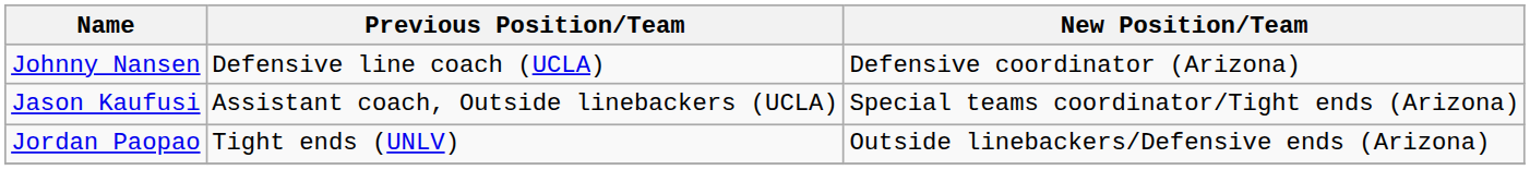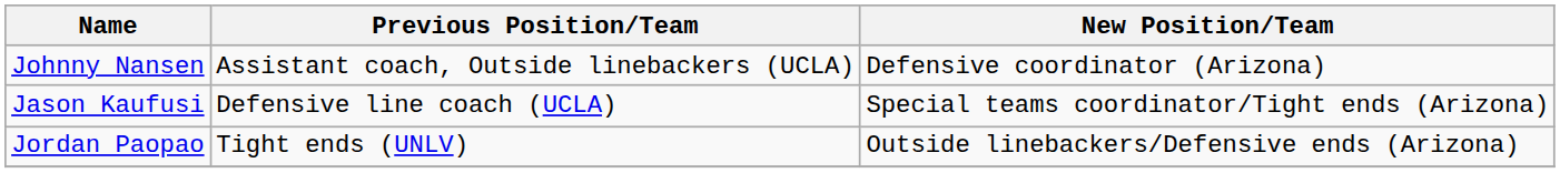 <table class="wikitable">
 <tr>
 <th style="text-align:center; ">Name</th>
 <th style="text-align:center; ">Previous Position/Team</th>
 <th style="text-align:center; ">New Position/Team</th>
 </tr>
 <tr>
 <td><a href='#'>Johnny Nansen</a></td>
-<td>Defensive line coach (<a href='#'>UCLA</a>)</td>
+<td>Assistant coach, Outside linebackers (UCLA)</td>
 <td>Defensive coordinator (Arizona)</td>
 </tr>
 <tr>
 <td><a href='#'>Jason Kaufusi</a></td>
-<td>Assistant coach, Outside linebackers (UCLA)</td>
+<td>Defensive line coach (<a href='#'>UCLA</a>)</td>
 <td>Special teams coordinator/Tight ends (Arizona)</td>
 </tr>
 <tr>
 <td><a href='#'>Jordan Paopao</a></td>
 <td>Tight ends (<a href='#'>UNLV</a>)</td>
 <td>Outside linebackers/Defensive ends (Arizona)</td>
 </tr>
 <tr>
 </tr>
 </table>
